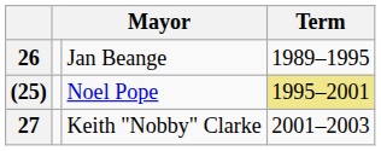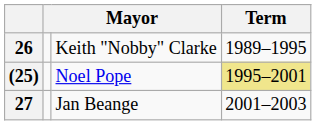 <table class="wikitable">
 <tr>
 <th></th>
 <th colspan="2">Mayor</th>
 <th>Term</th>
 </tr>
 <tr>
 <th scope="row" align="center">26</th>
 <td></td>
-<td>Jan Beange</td>
+<td>Keith "Nobby" Clarke</td>
 <td>1989–1995</td>
 </tr>
 <tr>
 <th scope="row" align="center">(25)</th>
 <td></td>
 <td><a href='#'>Noel Pope</a></td>
 <td style="background: khaki;">1995–2001</td>
 </tr>
 <tr>
 <th scope="row" align="center">27</th>
 <td></td>
-<td>Keith "Nobby" Clarke</td>
+<td>Jan Beange</td>
 <td>2001–2003</td>
 </tr>
 </table>
